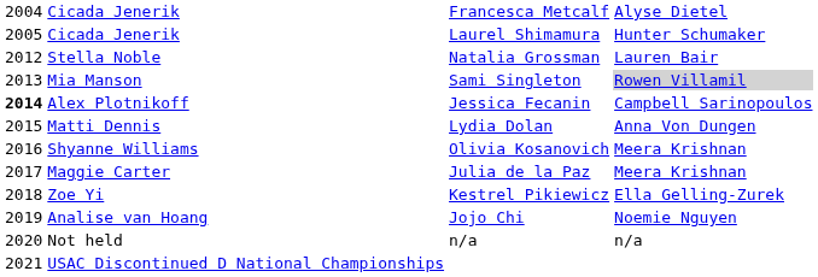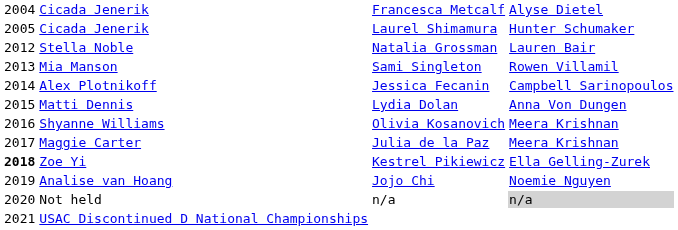 <table>
 <tr>
 <td style="text-align:center;">2004</td>
 <td><a href='#'>Cicada Jenerik</a></td>
 <td><a href='#'>Francesca Metcalf</a></td>
 <td><a href='#'>Alyse Dietel</a></td>
 </tr>
 <tr>
 <td style="text-align:center;">2005</td>
 <td><a href='#'>Cicada Jenerik</a></td>
 <td><a href='#'>Laurel Shimamura</a></td>
 <td><a href='#'>Hunter Schumaker</a></td>
 </tr>
 <tr>
 <td style="text-align:center;">2012</td>
 <td><a href='#'>Stella Noble</a></td>
 <td><a href='#'>Natalia Grossman</a></td>
 <td><a href='#'>Lauren Bair</a></td>
 </tr>
 <tr>
 <td style="text-align:center;">2013</td>
 <td><a href='#'>Mia Manson</a></td>
 <td><a href='#'>Sami Singleton</a></td>
-<td style="background: lightgrey;"><a href='#'>Rowen Villamil</a></td>
+<td><a href='#'>Rowen Villamil</a></td>
 </tr>
 <tr>
-<td style="text-align:center;"><strong>2014</strong></td>
+<td style="text-align:center;">2014</td>
 <td><a href='#'>Alex Plotnikoff</a></td>
 <td><a href='#'>Jessica Fecanin</a></td>
 <td><a href='#'>Campbell Sarinopoulos</a></td>
 </tr>
 <tr>
 <td style="text-align:center;">2015</td>
 <td><a href='#'>Matti Dennis</a></td>
 <td><a href='#'>Lydia Dolan</a></td>
 <td><a href='#'>Anna Von Dungen</a></td>
 </tr>
 <tr>
 <td style="text-align:center;">2016</td>
 <td><a href='#'>Shyanne Williams</a></td>
 <td><a href='#'>Olivia Kosanovich</a></td>
 <td><a href='#'>Meera Krishnan</a></td>
 </tr>
 <tr>
 <td style="text-align:center;">2017</td>
 <td><a href='#'>Maggie Carter</a></td>
 <td><a href='#'>Julia de la Paz</a></td>
 <td><a href='#'>Meera Krishnan</a></td>
 </tr>
 <tr>
-<td style="text-align:center;">2018</td>
+<td style="text-align:center;"><strong>2018</strong></td>
 <td><a href='#'>Zoe Yi</a></td>
 <td><a href='#'>Kestrel Pikiewicz</a></td>
 <td><a href='#'>Ella Gelling-Zurek</a></td>
 </tr>
 <tr>
 <td style="text-align:center;">2019</td>
 <td><a href='#'>Analise van Hoang</a></td>
 <td><a href='#'>Jojo Chi</a></td>
 <td><a href='#'>Noemie Nguyen</a></td>
 </tr>
 <tr>
 <td style="text-align:center;">2020</td>
 <td>Not held</td>
 <td>n/a</td>
-<td>n/a</td>
+<td style="background: lightgrey;">n/a</td>
 </tr>
 <tr>
 <td style="text-align:center;">2021</td>
 <td><a href='#'>USAC Discontinued D National Championships</a></td>
 </tr>
 </table>
